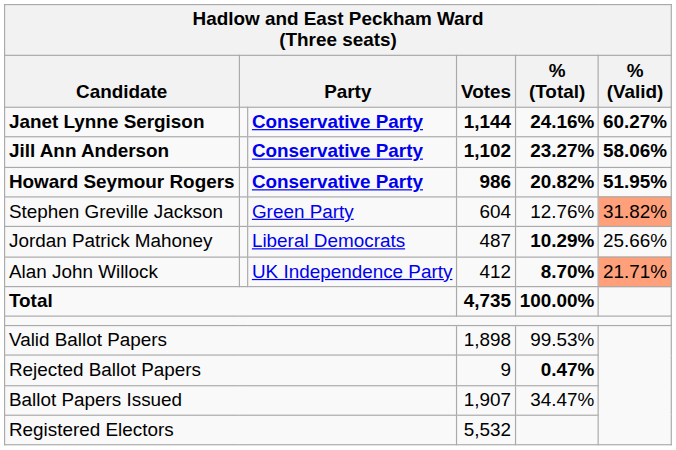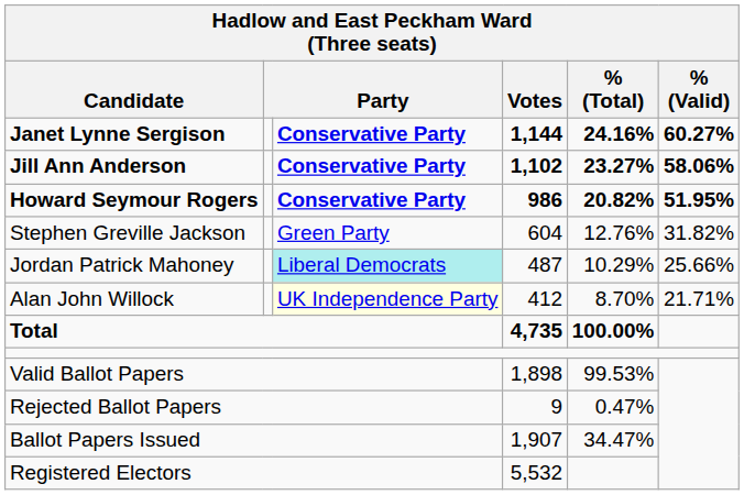 <table class="wikitable" border="1" style="text-align:right; font-size:100%">
 <tr>
 <th align=center colspan=6>Hadlow and East Peckham Ward<br>(Three seats)</th>
 </tr>
 <tr>
 <th valign=bottom>Candidate</th>
 <th valign=bottom colspan=2>Party</th>
 <th valign=bottom>Votes</th>
 <th>%<br>(Total)</th>
 <th>%<br>(Valid)</th>
 </tr>
 <tr>
 <td align=left><strong>Janet Lynne Sergison</strong></td>
 <td style="background:"></td>
 <td align=left><strong><a href='#'>Conservative Party</a></strong></td>
 <td><strong>1,144</strong></td>
 <td><strong>24.16%</strong></td>
 <td><strong>60.27%</strong></td>
 </tr>
 <tr>
 <td align=left><strong>Jill Ann Anderson</strong></td>
 <td style="background:"></td>
 <td align=left><strong><a href='#'>Conservative Party</a></strong></td>
 <td><strong>1,102</strong></td>
 <td><strong>23.27%</strong></td>
 <td><strong>58.06%</strong></td>
 </tr>
 <tr>
 <td align=left><strong>Howard Seymour Rogers</strong></td>
 <td style="background:"></td>
 <td align=left><strong><a href='#'>Conservative Party</a></strong></td>
 <td><strong>986</strong></td>
 <td><strong>20.82%</strong></td>
 <td><strong>51.95%</strong></td>
 </tr>
 <tr>
 <td align=left>Stephen Greville Jackson</td>
 <td style="background:"></td>
 <td align=left><a href='#'>Green Party</a></td>
 <td>604</td>
 <td>12.76%</td>
-<td style="background: lightsalmon;">31.82%</td>
+<td>31.82%</td>
 </tr>
 <tr>
 <td align=left>Jordan Patrick Mahoney</td>
 <td style="background:"></td>
-<td align=left><a href='#'>Liberal Democrats</a></td>
+<td align=left style="background: paleturquoise;"><a href='#'>Liberal Democrats</a></td>
 <td>487</td>
-<td><strong>10.29%</strong></td>
+<td>10.29%</td>
 <td>25.66%</td>
 </tr>
 <tr>
 <td align=left>Alan John Willock</td>
 <td style="background:"></td>
-<td align=left><a href='#'>UK Independence Party</a></td>
+<td align=left style="background: lightyellow;"><a href='#'>UK Independence Party</a></td>
 <td>412</td>
-<td><strong>8.70%</strong></td>
-<td style="background: lightsalmon;">21.71%</td>
+<td>8.70%</td>
+<td>21.71%</td>
 </tr>
 <tr style="font-weight:bold">
 <td align=left colspan=3>Total</td>
 <td>4,735</td>
 <td>100.00%</td>
 <td></td>
 </tr>
 <tr>
 <td align=left colspan=6></td>
 </tr>
 <tr>
 <td align=left colspan=3>Valid Ballot Papers</td>
 <td>1,898</td>
 <td>99.53%</td>
 <td rowspan=4></td>
 </tr>
 <tr>
 <td align=left colspan=3>Rejected Ballot Papers</td>
 <td>9</td>
-<td><strong>0.47%</strong></td>
+<td>0.47%</td>
 </tr>
 <tr>
 <td align=left colspan=3>Ballot Papers Issued</td>
 <td>1,907</td>
 <td>34.47%</td>
 </tr>
 <tr>
 <td align=left colspan=3>Registered Electors</td>
 <td>5,532</td>
 <td></td>
 </tr>
 </table>
